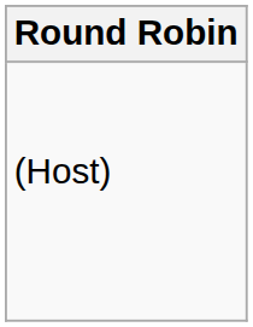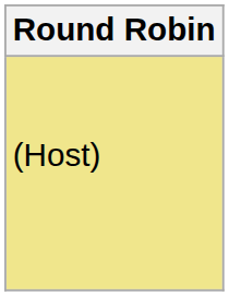 <table class="wikitable">
 <tr>
 <th>Round Robin</th>
 </tr>
 <tr>
-<td><br><br>  (Host)<br> <br> <br> <br> </td>
+<td style="background: khaki;"><br><br>  (Host)<br> <br> <br> <br> </td>
 </tr>
 </table>
